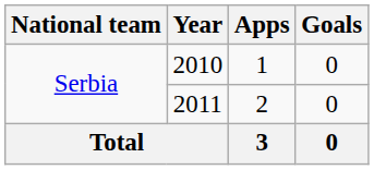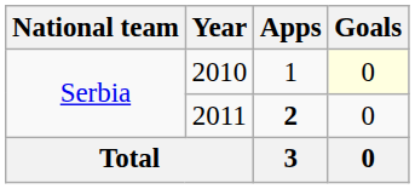 <table class="wikitable" style="text-align:center">
 <tr>
 <th>National team</th>
 <th>Year</th>
 <th>Apps</th>
 <th>Goals</th>
 </tr>
 <tr>
 <td rowspan="2"><a href='#'>Serbia</a></td>
 <td>2010</td>
 <td>1</td>
-<td>0</td>
+<td style="background: lightyellow;">0</td>
 </tr>
 <tr>
 <td>2011</td>
-<td>2</td>
+<td><strong>2</strong></td>
 <td>0</td>
 </tr>
 <tr>
 <th colspan="2">Total</th>
 <th>3</th>
 <th>0</th>
 </tr>
 </table>
